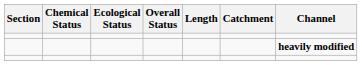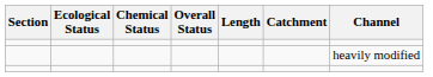 <table class="wikitable">
 <tr>
 <th>Section</th>
+<th>Ecological<br>Status</th>
 <th>Chemical<br>Status</th>
-<th>Ecological<br>Status</th>
 <th>Overall<br>Status</th>
 <th>Length</th>
 <th>Catchment</th>
 <th>Channel</th>
 </tr>
 <tr>
 <td></td>
 <td></td>
 <td></td>
 <td></td>
 <td></td>
 <td></td>
 <td></td>
 </tr>
 <tr>
 <td></td>
 <td></td>
 <td></td>
 <td></td>
 <td></td>
 <td></td>
-<td><strong>heavily modified</strong></td>
+<td>heavily modified</td>
 </tr>
 <tr>
 <td></td>
 <td></td>
 <td></td>
 <td></td>
 <td></td>
 <td></td>
 <td></td>
 </tr>
 </table>
